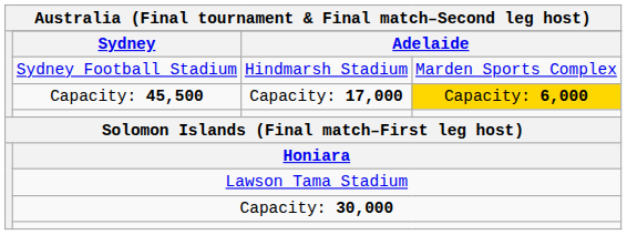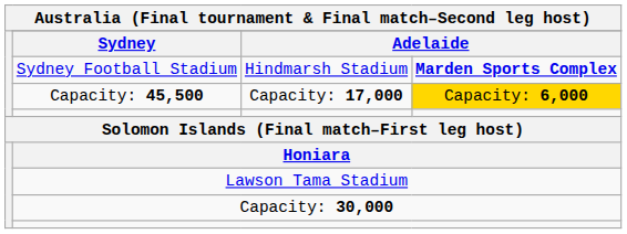 <table class=wikitable align="center" style="text-align:center;">
 <tr>
 <th colspan=4> Australia (Final tournament & Final match–Second leg host)</th>
 </tr>
 <tr>
 <th rowspan=5></th>
 </tr>
 <tr>
 <th><a href='#'>Sydney</a></th>
 <th colspan=2><a href='#'>Adelaide</a></th>
 </tr>
 <tr>
 <td><a href='#'>Sydney Football Stadium</a></td>
 <td><a href='#'>Hindmarsh Stadium</a></td>
-<td><a href='#'>Marden Sports Complex</a></td>
+<td><strong><a href='#'>Marden Sports Complex</a></strong></td>
 </tr>
 <tr>
 <td>Capacity: <strong>45,500</strong></td>
 <td>Capacity: <strong>17,000</strong></td>
 <td style="background: gold;">Capacity: <strong>6,000</strong></td>
 </tr>
 <tr>
 <td></td>
 <td></td>
 <td></td>
 </tr>
 <tr>
 <th colspan=4> Solomon Islands (Final match–First leg host)</th>
 </tr>
 <tr>
 <th rowspan=5 colspan=><br></th>
 <th colspan=3><a href='#'>Honiara</a></th>
 </tr>
 <tr>
 <td colspan=3><a href='#'>Lawson Tama Stadium</a></td>
 </tr>
 <tr>
 <td colspan=3>Capacity: <strong>30,000</strong></td>
 </tr>
 <tr>
 <td colspan=3></td>
 </tr>
 </table>
